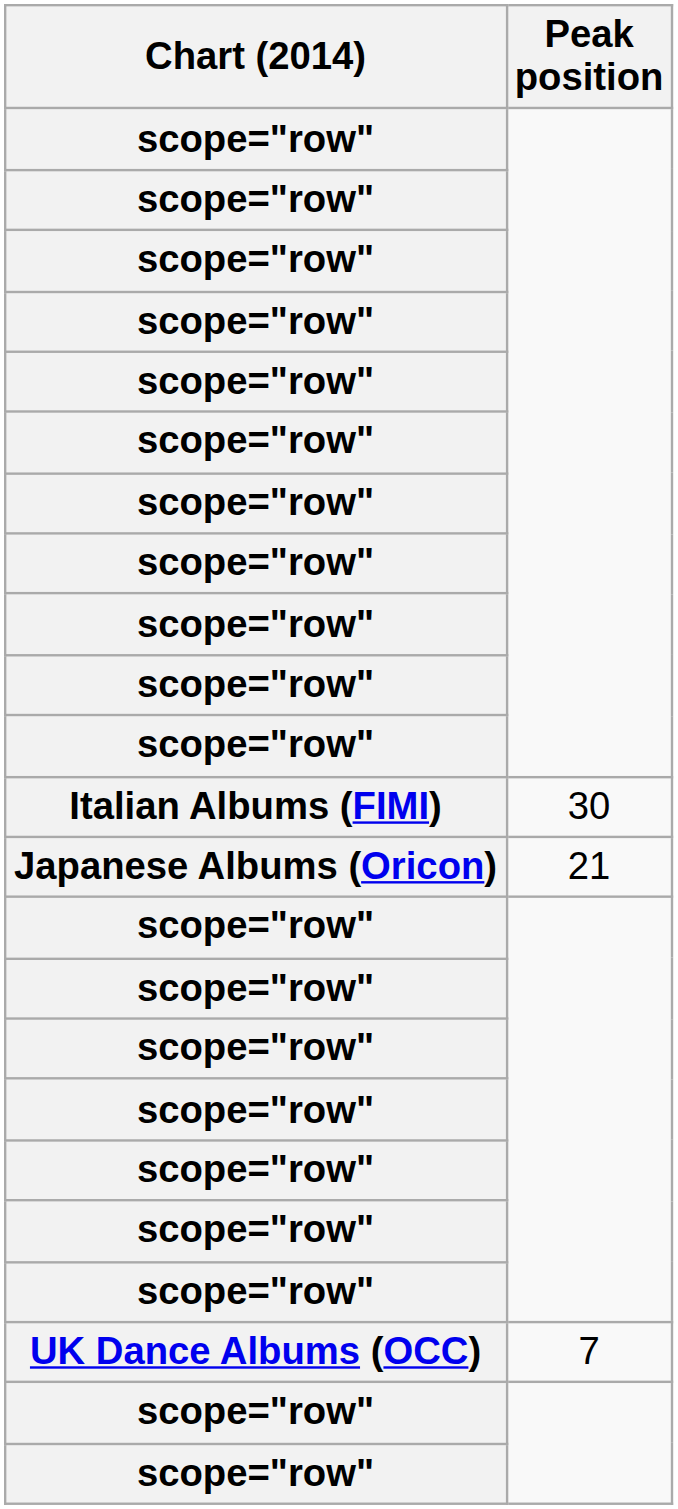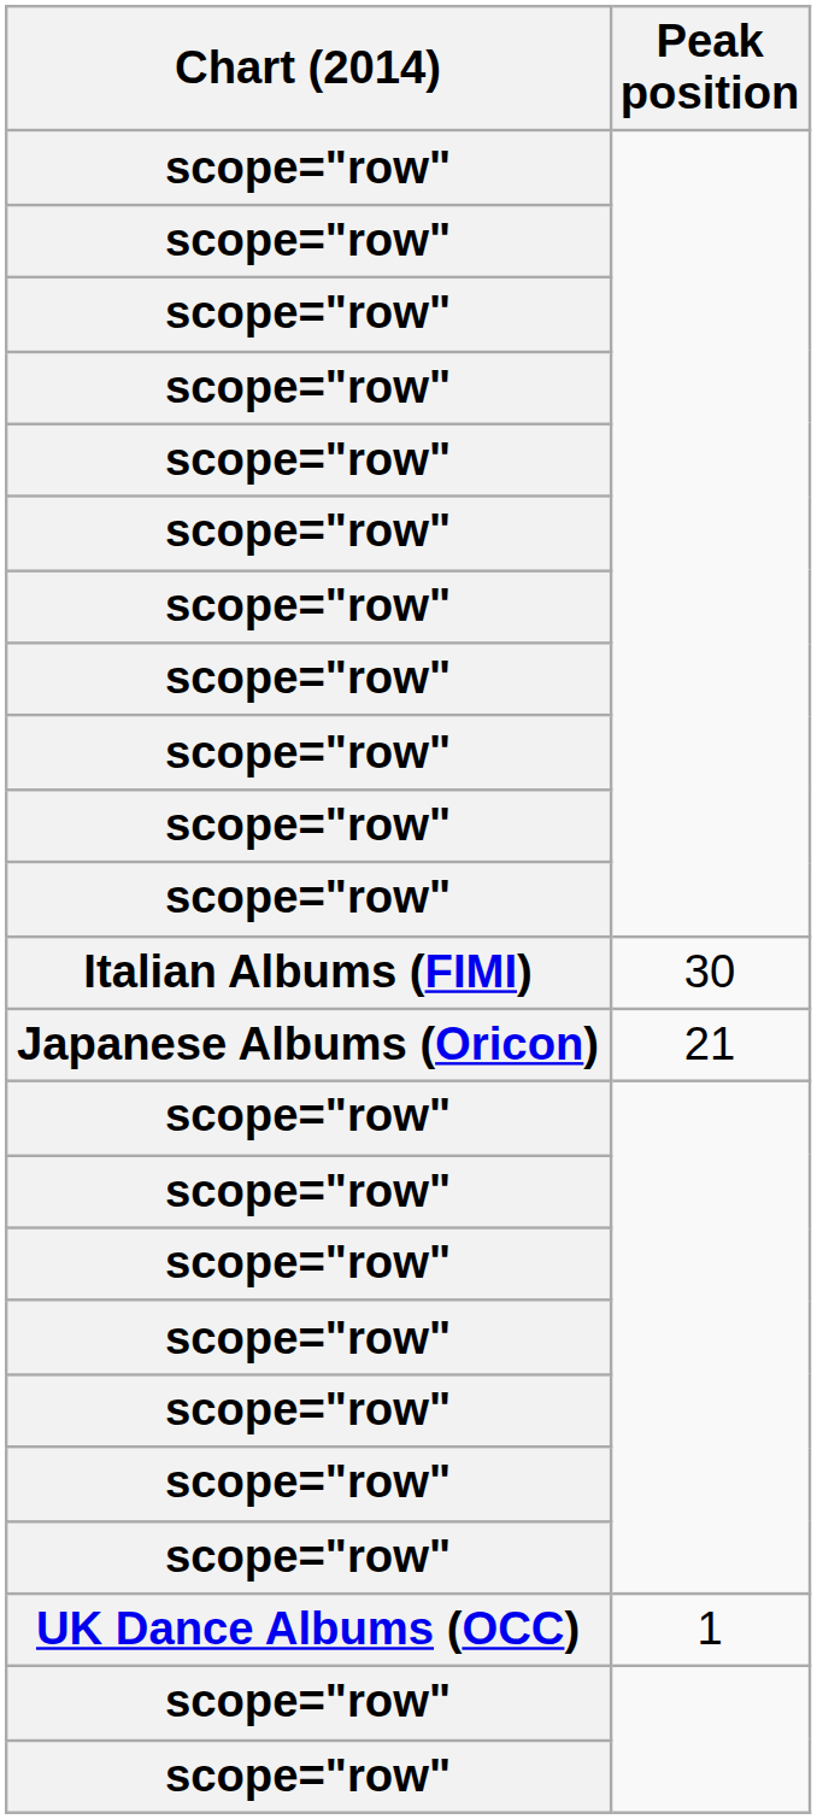 <table class="wikitable sortable plainrowheaders" style="text-align:center">
 <tr>
 <th scope="col">Chart (2014)</th>
 <th scope="col">Peak<br>position</th>
 </tr>
 <tr>
 <th>scope="row" </th>
 </tr>
 <tr>
 <th>scope="row" </th>
 </tr>
 <tr>
 <th>scope="row" </th>
 </tr>
 <tr>
 <th>scope="row" </th>
 </tr>
 <tr>
 <th>scope="row" </th>
 </tr>
 <tr>
 <th>scope="row" </th>
 </tr>
 <tr>
 <th>scope="row" </th>
 </tr>
 <tr>
 <th>scope="row" </th>
 </tr>
 <tr>
 <th>scope="row" </th>
 </tr>
 <tr>
 <th>scope="row" </th>
 </tr>
 <tr>
 <th>scope="row" </th>
 </tr>
 <tr>
 <th scope="row">Italian Albums (<a href='#'>FIMI</a>)</th>
 <td style="text-align:center;">30</td>
 </tr>
 <tr>
 <th scope="row">Japanese Albums (<a href='#'>Oricon</a>)</th>
 <td style="text-align:center;">21</td>
 </tr>
 <tr>
 <th>scope="row" </th>
 </tr>
 <tr>
 <th>scope="row" </th>
 </tr>
 <tr>
 <th>scope="row" </th>
 </tr>
 <tr>
 <th>scope="row" </th>
 </tr>
 <tr>
 <th>scope="row" </th>
 </tr>
 <tr>
 <th>scope="row" </th>
 </tr>
 <tr>
 <th>scope="row" </th>
 </tr>
 <tr>
 <th scope="row"><a href='#'>UK Dance Albums</a> (<a href='#'>OCC</a>)</th>
-<td align="center">7</td>
+<td align="center">1</td>
 </tr>
 <tr>
 <th>scope="row" </th>
 </tr>
 <tr>
 <th>scope="row" </th>
 </tr>
 </table>
